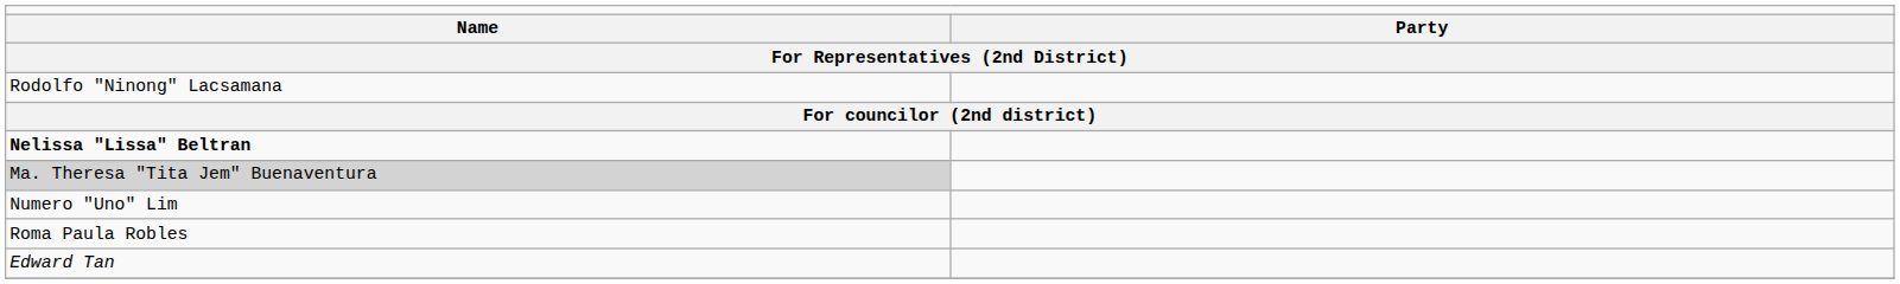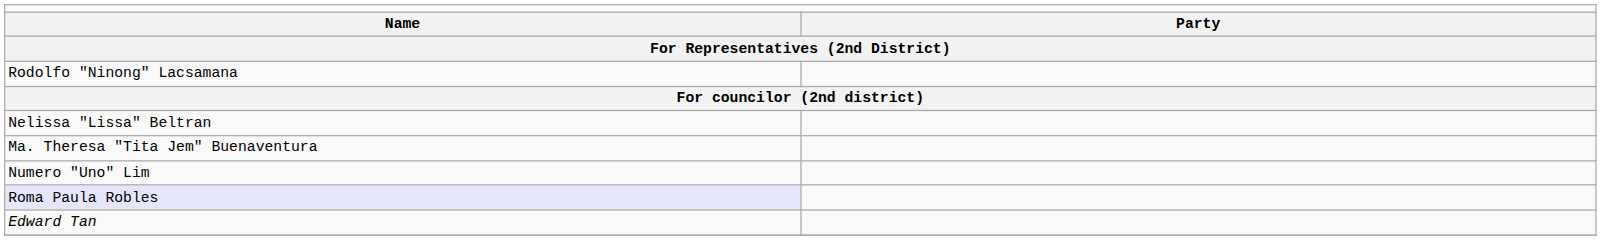 <table class=wikitable style="font-size:90%; width:100%">
 <tr>
 <td colspan=4 bgcolor=></td>
 </tr>
 <tr>
 <th width=50%>Name</th>
 <th colspan=2>Party</th>
 </tr>
 <tr>
 <th colspan="5">For Representatives (2nd District)</th>
 </tr>
 <tr>
 <td>Rodolfo "Ninong" Lacsamana</td>
 <td></td>
 </tr>
 <tr>
 <th colspan=3>For councilor (2nd district)</th>
 </tr>
 <tr>
-<td><strong>Nelissa "Lissa" Beltran</strong></td>
+<td>Nelissa "Lissa" Beltran</td>
 <td></td>
 </tr>
 <tr>
-<td style="background: lightgrey;">Ma. Theresa "Tita Jem" Buenaventura</td>
+<td>Ma. Theresa "Tita Jem" Buenaventura</td>
 <td></td>
 </tr>
 <tr>
 <td>Numero "Uno" Lim</td>
 <td></td>
 </tr>
 <tr>
-<td>Roma Paula Robles</td>
+<td style="background: lavender;">Roma Paula Robles</td>
 <td></td>
 </tr>
 <tr>
 <td><em>Edward Tan</em></td>
 <td></td>
 </tr>
 <tr>
 </tr>
 </table>
